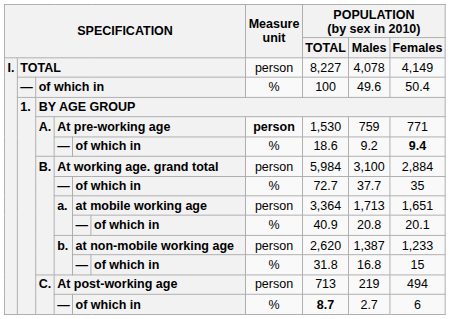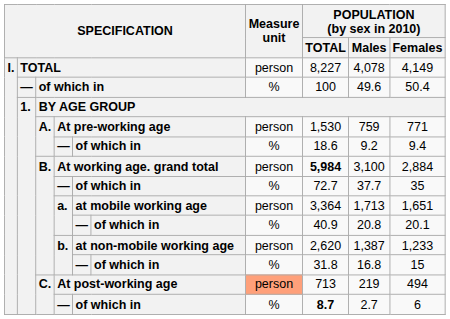 <table class="wikitable" style="font-size:85%; text-align:center">
 <tr>
 <th rowspan="2" colspan="6">SPECIFICATION</th>
 <th rowspan="2">Measure<br> unit</th>
 <th colspan="3" rowspan="1">POPULATION<br> (by sex in 2010)</th>
 </tr>
 <tr>
 <th>TOTAL</th>
 <th>Males</th>
 <th>Females</th>
 </tr>
 <tr>
 <th style="text-align:left" valign="top" rowspan="13">I.</th>
 <th style="text-align:left" colspan="5">TOTAL</th>
 <td>person</td>
 <td>8,227</td>
 <td>4,078</td>
 <td>4,149</td>
 </tr>
 <tr>
 <th style="text-align:left" valign="top">—</th>
 <th style="text-align:left" colspan="4">of which in</th>
 <td>%</td>
 <td>100</td>
 <td>49.6</td>
 <td>50.4</td>
 </tr>
 <tr>
 <th style="text-align:left" valign="top" rowspan="11">1.</th>
 <th style="text-align:left" colspan="19">BY AGE GROUP</th>
 </tr>
 <tr>
 <th style="text-align:left" valign="top" rowspan="2">A.</th>
 <th style="text-align:left" colspan="3">At pre-working age</th>
-<td><strong>person</strong></td>
+<td>person</td>
 <td>1,530</td>
 <td>759</td>
 <td>771</td>
 </tr>
 <tr>
 <th style="text-align:left" valign="top">—</th>
 <th style="text-align:left" valign="top" colspan="2">of which in</th>
 <td>%</td>
 <td>18.6</td>
 <td>9.2</td>
-<td><strong>9.4</strong></td>
+<td>9.4</td>
 </tr>
 <tr>
 <th style="text-align:left" valign="top" rowspan="6">B.</th>
 <th style="text-align:left" colspan="3">At working age. grand total</th>
 <td>person</td>
-<td>5,984</td>
+<td><strong>5,984</strong></td>
 <td>3,100</td>
 <td>2,884</td>
 </tr>
 <tr>
 <th style="text-align:left" valign="top">—</th>
 <th style="text-align:left" valign="top" colspan="2">of which in</th>
 <td>%</td>
 <td>72.7</td>
 <td>37.7</td>
 <td>35</td>
 </tr>
 <tr>
 <th style="text-align:left" valign="top" rowspan="2">a.</th>
 <th style="text-align:left" colspan="2">at mobile working age</th>
 <td>person</td>
 <td>3,364</td>
 <td>1,713</td>
 <td>1,651</td>
 </tr>
 <tr>
 <th style="text-align:left" valign="top">—</th>
 <th style="text-align:left" valign="top" colspan="1">of which in                        </th>
 <td>%</td>
 <td>40.9</td>
 <td>20.8</td>
 <td>20.1</td>
 </tr>
 <tr>
 <th style="text-align:left" valign="top" rowspan="2">b.</th>
 <th style="text-align:left" colspan="2">at non-mobile working age</th>
 <td>person</td>
 <td>2,620</td>
 <td>1,387</td>
 <td>1,233</td>
 </tr>
 <tr>
 <th style="text-align:left" valign="top">—</th>
 <th style="text-align:left" valign="top" colspan="1">of which in                        </th>
 <td>%</td>
 <td>31.8</td>
 <td>16.8</td>
 <td>15</td>
 </tr>
 <tr>
 <th style="text-align:left" valign="top" rowspan="2">C.</th>
 <th style="text-align:left" colspan="3">At post-working age</th>
-<td>person</td>
+<td style="background: lightsalmon;">person</td>
 <td>713</td>
 <td>219</td>
 <td>494</td>
 </tr>
 <tr>
 <th style="text-align:left" valign="top">—</th>
 <th style="text-align:left" valign="top" colspan="2">of which in</th>
 <td>%</td>
 <td><strong>8.7</strong></td>
 <td>2.7</td>
 <td>6</td>
 </tr>
 </table>
